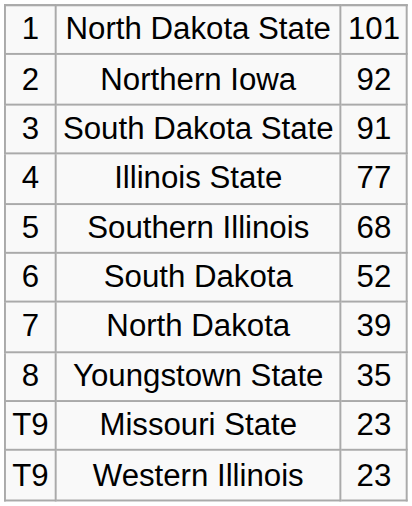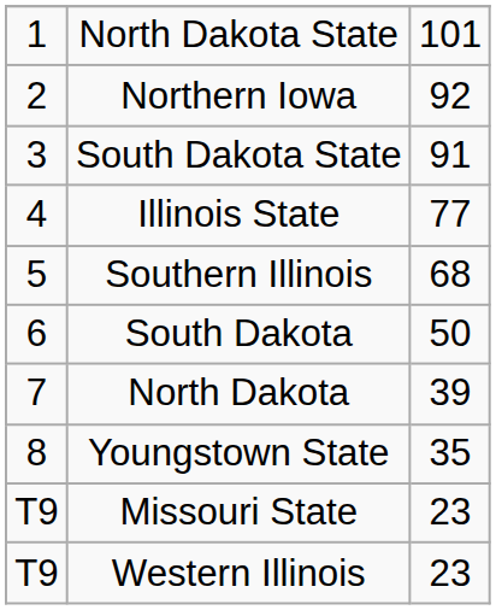 <table class="wikitable" style="display: inline-table;">
 <tr align="center">
 </tr>
 <tr align="center">
 <td>1</td>
 <td>North Dakota State</td>
 <td>101</td>
 </tr>
 <tr align="center">
 <td>2</td>
 <td>Northern Iowa</td>
 <td>92</td>
 </tr>
 <tr align="center">
 <td>3</td>
 <td>South Dakota State</td>
 <td>91</td>
 </tr>
 <tr align="center">
 <td>4</td>
 <td>Illinois State</td>
 <td>77</td>
 </tr>
 <tr align="center">
 <td>5</td>
 <td>Southern Illinois</td>
 <td>68</td>
 </tr>
 <tr align="center">
 <td>6</td>
 <td>South Dakota</td>
-<td>52</td>
+<td>50</td>
 </tr>
 <tr align="center">
 <td>7</td>
 <td>North Dakota</td>
 <td>39</td>
 </tr>
 <tr align="center">
 <td>8</td>
 <td>Youngstown State</td>
 <td>35</td>
 </tr>
 <tr align="center">
 <td>T9</td>
 <td>Missouri State</td>
 <td>23</td>
 </tr>
 <tr align="center">
 <td>T9</td>
 <td>Western Illinois</td>
 <td>23</td>
 </tr>
 </table>
